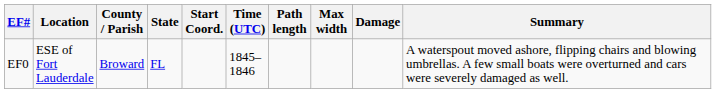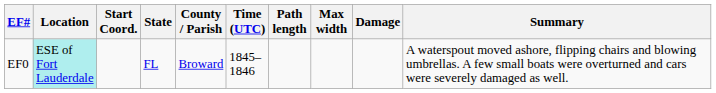 <table class="wikitable sortable" style="width:100%;">
 <tr>
 <th scope="col"  style="width:3%; text-align:center;"><a href='#'>EF#</a></th>
 <th scope="col"  style="width:7%; text-align:center;" class="unsortable">Location</th>
+<th scope="col"  style="width:6%; text-align:center;">Start Coord.</th>
+<th scope="col"  style="width:5%; text-align:center;">State</th>
 <th scope="col"  style="width:6%; text-align:center;" class="unsortable">County / Parish</th>
-<th scope="col"  style="width:5%; text-align:center;">State</th>
-<th scope="col"  style="width:6%; text-align:center;">Start Coord.</th>
 <th scope="col"  style="width:6%; text-align:center;">Time (<a href='#'>UTC</a>)</th>
 <th scope="col"  style="width:6%; text-align:center;">Path length</th>
 <th scope="col"  style="width:6%; text-align:center;">Max width</th>
 <th scope="col"  style="width:6%; text-align:center;">Damage</th>
 <th scope="col" class="unsortable" style="width:48%; text-align:center;">Summary</th>
 </tr>
 <tr>
 <td>EF0</td>
-<td>ESE of <a href='#'>Fort Lauderdale</a></td>
+<td style="background: paleturquoise;">ESE of <a href='#'>Fort Lauderdale</a></td>
+<td></td>
+<td><a href='#'>FL</a></td>
 <td><a href='#'>Broward</a></td>
-<td><a href='#'>FL</a></td>
-<td></td>
 <td>1845–1846</td>
 <td></td>
 <td></td>
 <td></td>
 <td>A waterspout moved ashore, flipping chairs and blowing umbrellas. A few small boats were overturned and cars were severely damaged as well.</td>
 </tr>
 </table>
